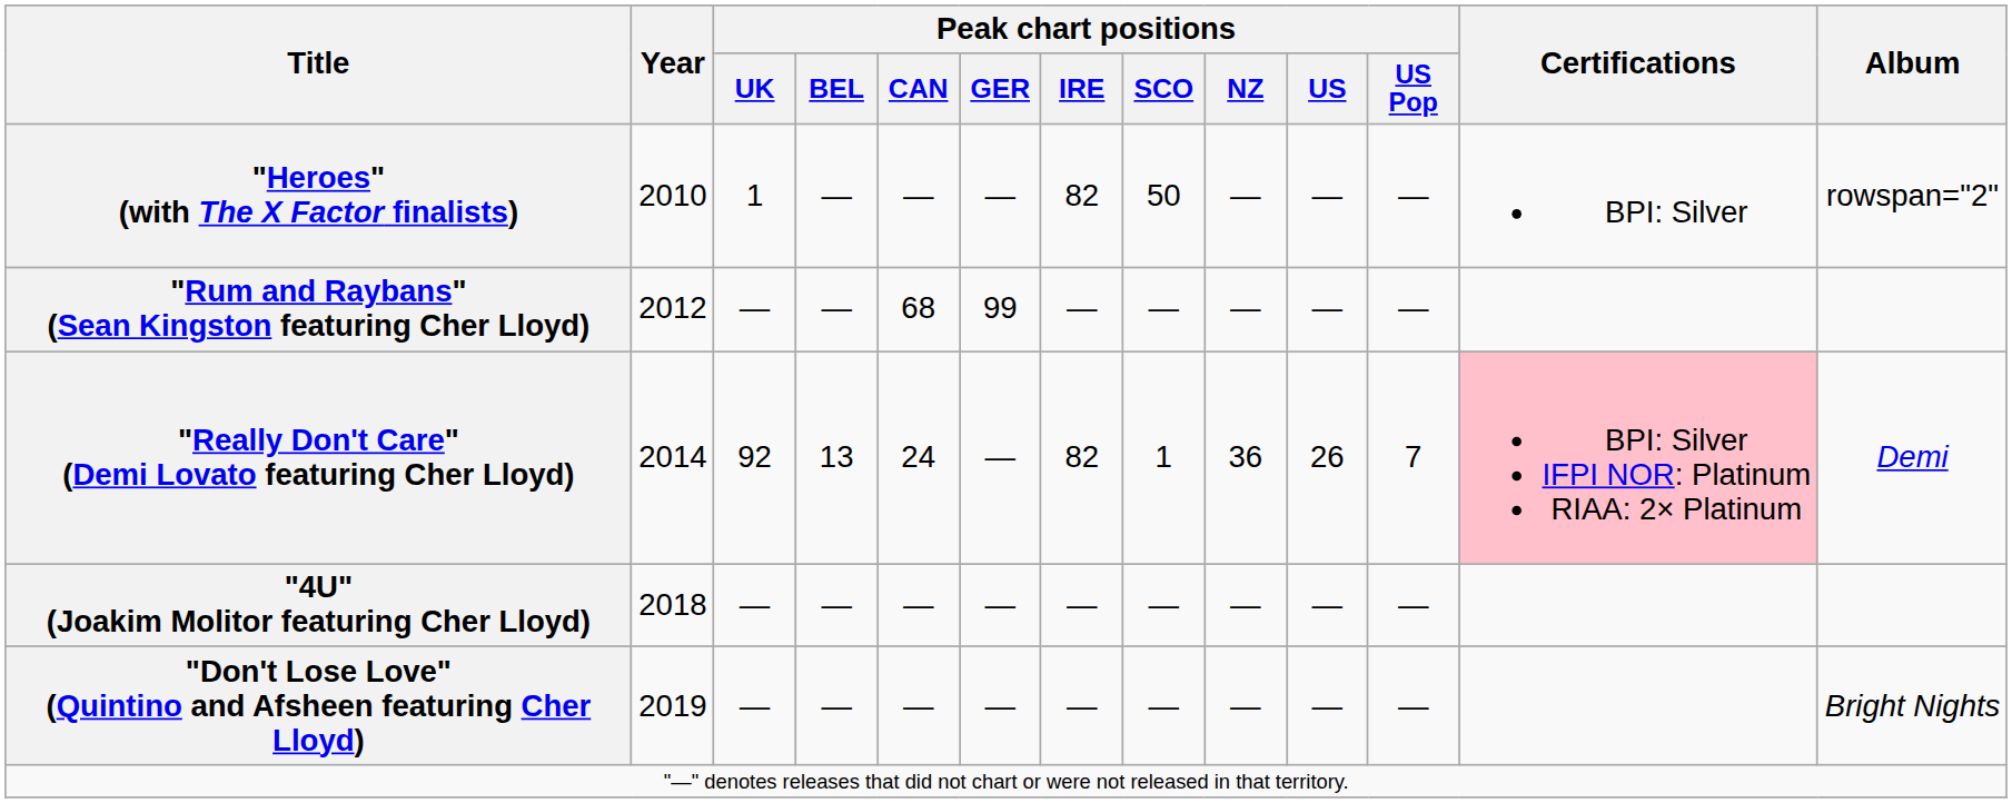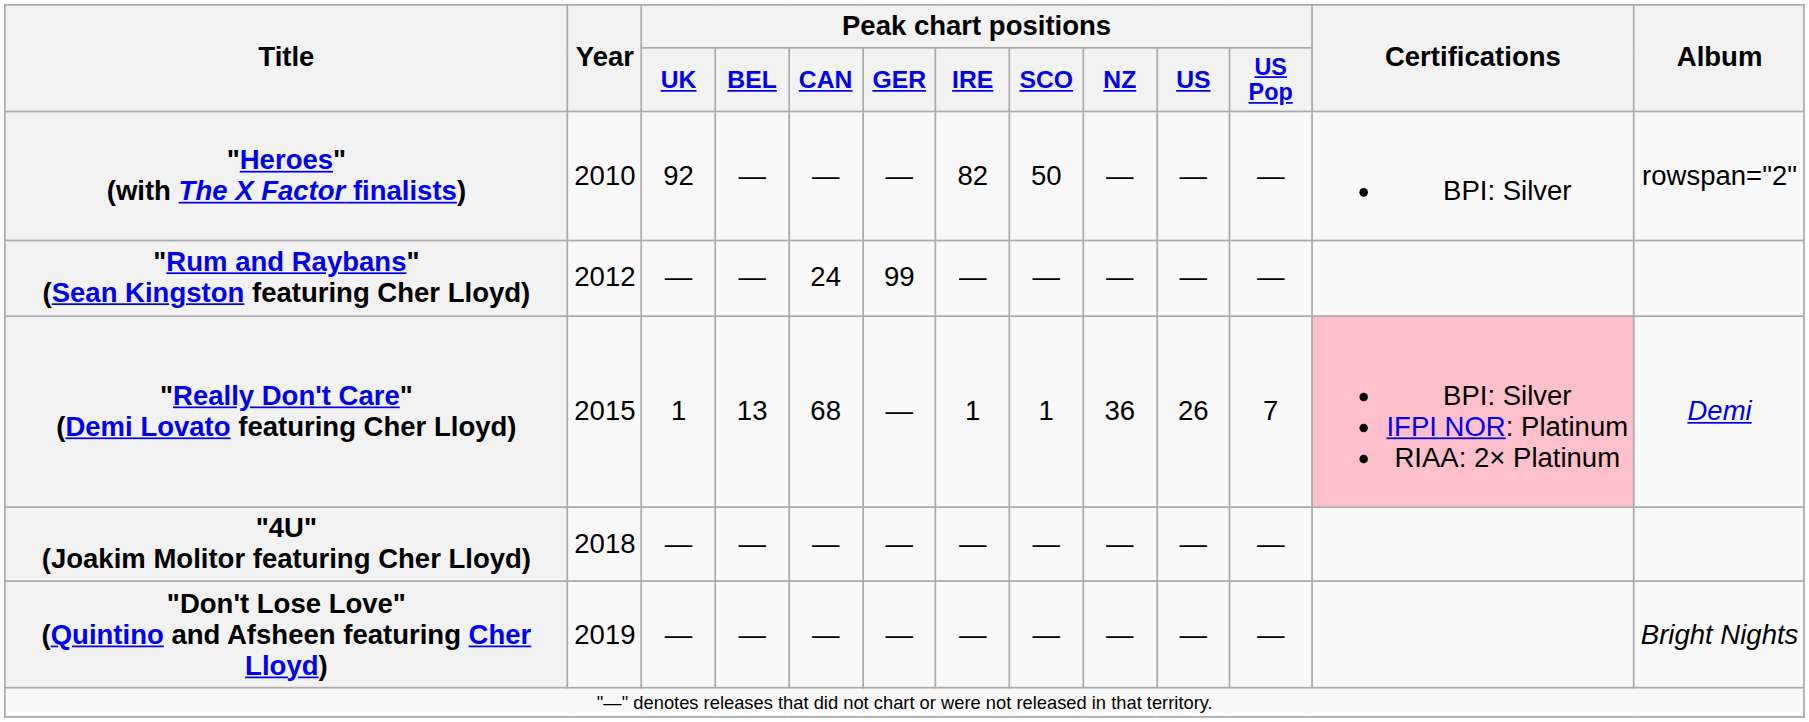 <table class="wikitable plainrowheaders" style="text-align:center;">
 <tr>
 <th scope="col" rowspan="2" style="width:20em;">Title</th>
 <th scope="col" rowspan="2" style="width:1em;">Year</th>
 <th scope="col" colspan="9">Peak chart positions</th>
 <th scope="col" rowspan="2">Certifications</th>
 <th scope="col" rowspan="2">Album</th>
 </tr>
 <tr>
 <th scope="col" style="width:2.5em;font-size:90%;"><a href='#'>UK</a><br></th>
 <th scope="col" style="width:2.5em;font-size:90%;"><a href='#'>BEL</a><br></th>
 <th scope="col" style="width:2.5em;font-size:90%;"><a href='#'>CAN</a><br></th>
 <th scope="col" style="width:2.5em;font-size:90%;"><a href='#'>GER</a><br></th>
 <th scope="col" style="width:2.5em;font-size:90%;"><a href='#'>IRE</a><br></th>
 <th scope="col" style="width:2.5em;font-size:90%;"><a href='#'>SCO</a><br></th>
 <th scope="col" style="width:2.5em;font-size:90%;"><a href='#'>NZ</a><br></th>
 <th scope="col" style="width:2.5em;font-size:90%;"><a href='#'>US</a><br></th>
 <th scope="col" style="width:3em;font-size:85%;"><a href='#'>US Pop</a><br></th>
 </tr>
 <tr>
 <th scope="row">"<a href='#'>Heroes</a>"<br><span>(with <a href='#'><em>The X Factor</em> finalists</a>)</span></th>
 <td>2010</td>
-<td>1</td>
+<td>92</td>
 <td>—</td>
 <td>—</td>
 <td>—</td>
 <td>82</td>
 <td>50</td>
 <td>—</td>
 <td>—</td>
 <td>—</td>
 <td><br><ul><li>BPI: Silver</li></ul></td>
 <td>rowspan="2" </td>
 </tr>
 <tr>
 <th scope="row">"<a href='#'>Rum and Raybans</a>"<br><span>(<a href='#'>Sean Kingston</a> featuring Cher Lloyd)</span></th>
 <td>2012</td>
 <td>—</td>
 <td>—</td>
-<td>68</td>
+<td>24</td>
 <td>99</td>
 <td>—</td>
 <td>—</td>
 <td>—</td>
 <td>—</td>
 <td>—</td>
 <td></td>
 </tr>
 <tr>
 <th scope="row">"<a href='#'>Really Don't Care</a>"<br><span>(<a href='#'>Demi Lovato</a> featuring Cher Lloyd)</span></th>
-<td>2014</td>
-<td>92</td>
+<td>2015</td>
+<td>1</td>
 <td>13</td>
-<td>24</td>
+<td>68</td>
 <td>—</td>
-<td>82</td>
+<td>1</td>
 <td>1</td>
 <td>36</td>
 <td>26</td>
 <td>7</td>
 <td style="background: pink;"><br><ul><li>BPI: Silver</li><li><a href='#'>IFPI NOR</a>: Platinum</li><li>RIAA: 2× Platinum</li></ul></td>
 <td><em><a href='#'>Demi</a></em></td>
 </tr>
 <tr>
 <th scope="row">"4U"<br><span>(Joakim Molitor featuring Cher Lloyd)</span></th>
 <td>2018</td>
 <td>—</td>
 <td>—</td>
 <td>—</td>
 <td>—</td>
 <td>—</td>
 <td>—</td>
 <td>—</td>
 <td>—</td>
 <td>—</td>
 <td></td>
 <td></td>
 </tr>
 <tr>
 <th scope="row">"Don't Lose Love"<br><span>(<a href='#'>Quintino</a> and Afsheen featuring <a href='#'>Cher Lloyd</a>)</span></th>
 <td>2019</td>
 <td>—</td>
 <td>—</td>
 <td>—</td>
 <td>—</td>
 <td>—</td>
 <td>—</td>
 <td>—</td>
 <td>—</td>
 <td>—</td>
 <td></td>
 <td><em>Bright Nights</em></td>
 </tr>
 <tr>
 <td colspan="14" style="font-size:8pt">"—" denotes releases that did not chart or were not released in that territory.</td>
 </tr>
 </table>
